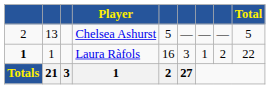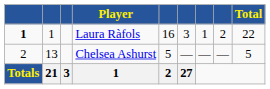 <table class="wikitable" style="text-align:center">
 <tr>
 <th style="background:#26559B; color:#FFF000; "></th>
 <th style="background:#26559B; color:#FFF000; "></th>
 <th style="background:#26559B; color:#FFF000; "></th>
 <th style="background:#26559B; color:#FFF000; ">Player</th>
 <th style="background:#26559B; color:#FFF000; "></th>
 <th style="background:#26559B; color:#FFF000; "></th>
 <th style="background:#26559B; color:#FFF000; "></th>
 <th style="background:#26559B; color:#FFF000; "></th>
 <th style="background:#26559B; color:#FFF000; ">Total</th>
 </tr>
 <tr>
+<td><strong>1</strong></td>
+<td>1</td>
+<td></td>
+<td align="left"><a href='#'>Laura Ràfols</a></td>
+<td>16</td>
+<td>3</td>
+<td>1</td>
+<td>2</td>
+<td>22</td>
+</tr>
+<tr>
 <td>2</td>
 <td>13</td>
 <td></td>
 <td align="left"><a href='#'>Chelsea Ashurst</a></td>
 <td>5</td>
 <td>—</td>
 <td>—</td>
 <td>—</td>
 <td>5</td>
 </tr>
 <tr>
-<td><strong>1</strong></td>
-<td>1</td>
-<td></td>
-<td align="left"><a href='#'>Laura Ràfols</a></td>
-<td>16</td>
-<td>3</td>
-<td>1</td>
-<td>2</td>
-<td>22</td>
-</tr>
-<tr>
 <th style="background:#26559B; color:#FFF000; "><strong>Totals</strong></th>
 <th>21</th>
 <th>3</th>
 <th>1</th>
 <th>2</th>
 <th>27</th>
 </tr>
 </table>
